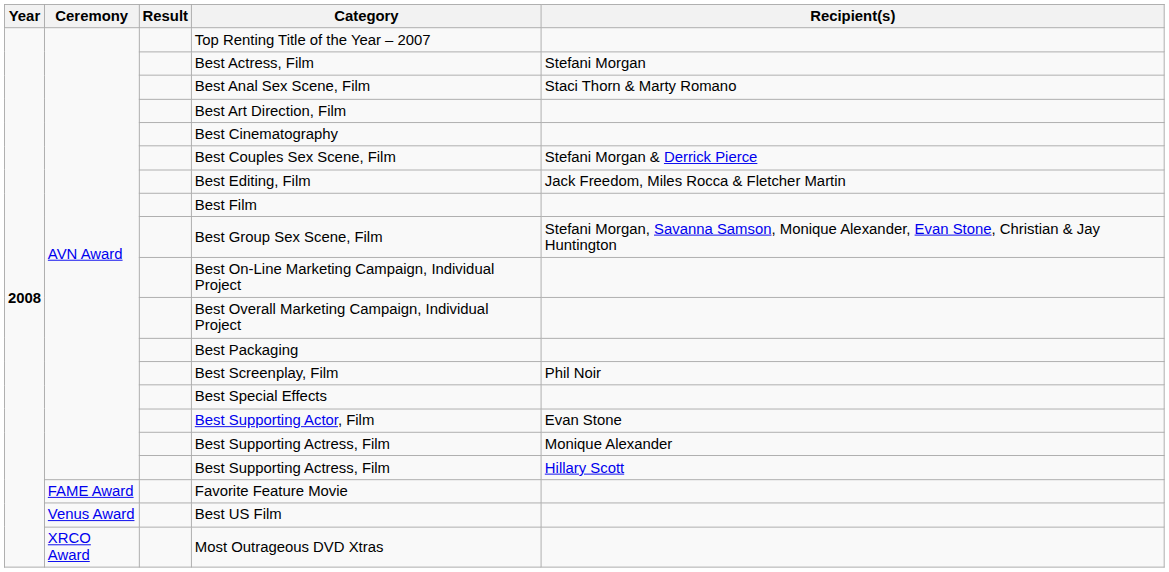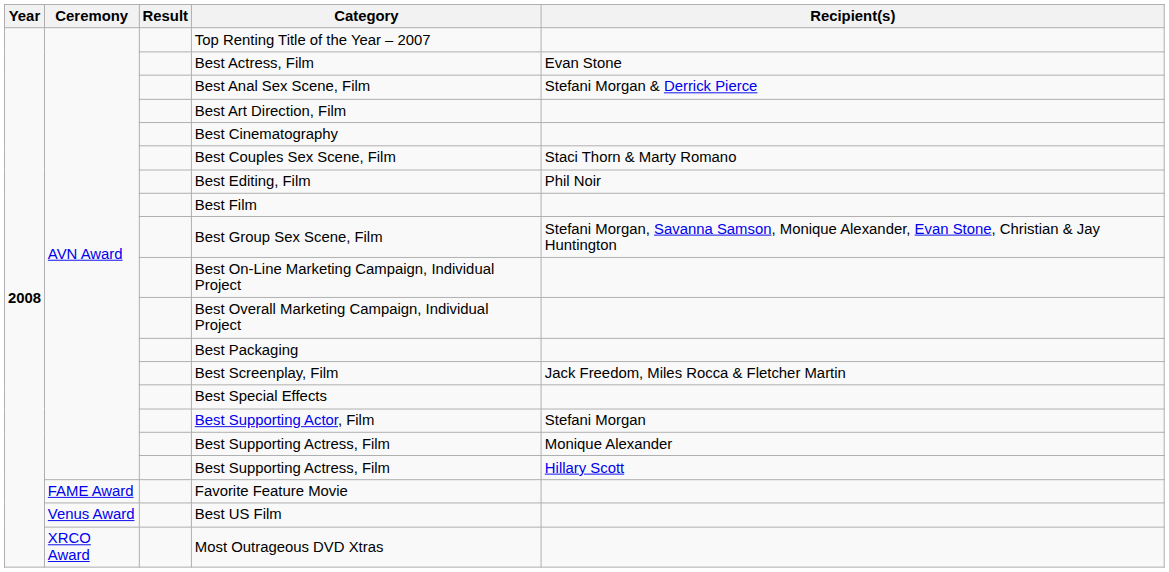 <table class="wikitable">
 <tr>
 <th>Year</th>
 <th>Ceremony</th>
 <th>Result</th>
 <th>Category</th>
 <th>Recipient(s)</th>
 </tr>
 <tr>
 <td rowspan="20"><strong>2008</strong></td>
 <td rowspan="17"><a href='#'>AVN Award</a></td>
 <td></td>
 <td>Top Renting Title of the Year – 2007</td>
 <td></td>
 </tr>
 <tr>
 <td></td>
 <td>Best Actress, Film</td>
-<td>Stefani Morgan</td>
+<td>Evan Stone</td>
 </tr>
 <tr>
 <td></td>
 <td>Best Anal Sex Scene, Film</td>
-<td>Staci Thorn & Marty Romano</td>
+<td>Stefani Morgan & <a href='#'>Derrick Pierce</a></td>
 </tr>
 <tr>
 <td></td>
 <td>Best Art Direction, Film</td>
 <td></td>
 </tr>
 <tr>
 <td></td>
 <td>Best Cinematography</td>
 <td></td>
 </tr>
 <tr>
 <td></td>
 <td>Best Couples Sex Scene, Film</td>
-<td>Stefani Morgan & <a href='#'>Derrick Pierce</a></td>
+<td>Staci Thorn & Marty Romano</td>
 </tr>
 <tr>
 <td></td>
 <td>Best Editing, Film</td>
-<td>Jack Freedom, Miles Rocca & Fletcher Martin</td>
+<td>Phil Noir</td>
 </tr>
 <tr>
 <td></td>
 <td>Best Film</td>
 <td></td>
 </tr>
 <tr>
 <td></td>
 <td>Best Group Sex Scene, Film</td>
 <td>Stefani Morgan, <a href='#'>Savanna Samson</a>, Monique Alexander, <a href='#'>Evan Stone</a>, Christian & Jay Huntington</td>
 </tr>
 <tr>
 <td></td>
 <td>Best On-Line Marketing Campaign, Individual Project</td>
 <td></td>
 </tr>
 <tr>
 <td></td>
 <td>Best Overall Marketing Campaign, Individual Project</td>
 <td></td>
 </tr>
 <tr>
 <td></td>
 <td>Best Packaging</td>
 <td></td>
 </tr>
 <tr>
 <td></td>
 <td>Best Screenplay, Film</td>
-<td>Phil Noir</td>
+<td>Jack Freedom, Miles Rocca & Fletcher Martin</td>
 </tr>
 <tr>
 <td></td>
 <td>Best Special Effects</td>
 <td></td>
 </tr>
 <tr>
 <td></td>
 <td><a href='#'>Best Supporting Actor</a>, Film</td>
-<td>Evan Stone</td>
+<td>Stefani Morgan</td>
 </tr>
 <tr>
 <td></td>
 <td>Best Supporting Actress, Film</td>
 <td>Monique Alexander</td>
 </tr>
 <tr>
 <td></td>
 <td>Best Supporting Actress, Film</td>
 <td><a href='#'>Hillary Scott</a></td>
 </tr>
 <tr>
 <td><a href='#'>FAME Award</a></td>
 <td></td>
 <td>Favorite Feature Movie</td>
 <td></td>
 </tr>
 <tr>
 <td><a href='#'>Venus Award</a></td>
 <td></td>
 <td>Best US Film</td>
 <td></td>
 </tr>
 <tr>
 <td><a href='#'>XRCO Award</a></td>
 <td></td>
 <td>Most Outrageous DVD Xtras</td>
 <td></td>
 </tr>
 </table>
